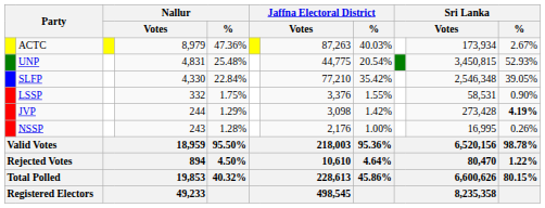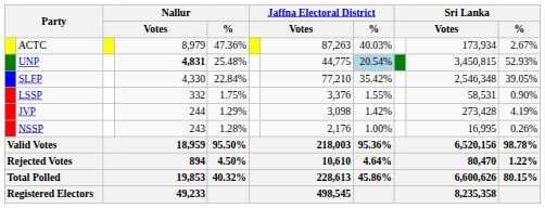 <table class="wikitable">
 <tr>
 <th colspan="2" width="144px"rowspan="2">Party</th>
 <th colspan="3" width="216px">Nallur</th>
 <th colspan="3" width="216px"><a href='#'>Jaffna Electoral District</a></th>
 <th colspan="3" width="216px">Sri Lanka</th>
 </tr>
 <tr>
 <th colspan="2" width="144px">Votes</th>
 <th>%</th>
 <th colspan="2" width="144px">Votes</th>
 <th>%</th>
 <th colspan="2" width="144px">Votes</th>
 <th>%</th>
 </tr>
 <tr>
 <td style="background-color:yellow;" width="10px"></td>
 <td style="text-align:left;">ACTC</td>
 <td style="background-color:yellow;" width="10px"></td>
 <td style="text-align:right;">8,979</td>
 <td style="text-align:right;">47.36%</td>
 <td style="background-color:yellow;" width="10px"></td>
 <td style="text-align:right;">87,263</td>
 <td style="text-align:right;">40.03%</td>
 <td style="background-color:white;" width="10px"></td>
 <td style="text-align:right;">173,934</td>
 <td style="text-align:right;">2.67%</td>
 </tr>
 <tr>
 <td style="background-color:green;" width="10px"></td>
 <td style="text-align:left;"><a href='#'>UNP</a></td>
 <td style="background-color:white;" width="10px"></td>
-<td style="text-align:right;">4,831</td>
+<td style="text-align:right;"><strong>4,831</strong></td>
 <td style="text-align:right;">25.48%</td>
 <td style="background-color:white;" width="10px"></td>
 <td style="text-align:right;">44,775</td>
-<td style="text-align:right;">20.54%</td>
+<td style="background: lightblue; text-align:right;">20.54%</td>
 <td style="background-color:green;" width="10px"></td>
 <td style="text-align:right;">3,450,815</td>
 <td style="text-align:right;">52.93%</td>
 </tr>
 <tr>
 <td style="background-color:blue;" width="10px"></td>
 <td style="text-align:left;"><a href='#'>SLFP</a></td>
 <td style="background-color:white;" width="10px"></td>
 <td style="text-align:right;">4,330</td>
 <td style="text-align:right;">22.84%</td>
 <td style="background-color:white;" width="10px"></td>
 <td style="text-align:right;">77,210</td>
 <td style="text-align:right;">35.42%</td>
 <td style="background-color:white;" width="10px"></td>
 <td style="text-align:right;">2,546,348</td>
 <td style="text-align:right;">39.05%</td>
 </tr>
 <tr>
 <td style="background-color:red;" width="10px"></td>
 <td style="text-align:left;"><a href='#'>LSSP</a></td>
 <td style="background-color:white;" width="10px"></td>
 <td style="text-align:right;">332</td>
 <td style="text-align:right;">1.75%</td>
 <td style="background-color:white;" width="10px"></td>
 <td style="text-align:right;">3,376</td>
 <td style="text-align:right;">1.55%</td>
 <td style="background-color:white;" width="10px"></td>
 <td style="text-align:right;">58,531</td>
 <td style="text-align:right;">0.90%</td>
 </tr>
 <tr>
 <td style="background-color:red;" width="10px"></td>
 <td style="text-align:left;"><a href='#'>JVP</a></td>
 <td style="background-color:white;" width="10px"></td>
 <td style="text-align:right;">244</td>
 <td style="text-align:right;">1.29%</td>
 <td style="background-color:white;" width="10px"></td>
 <td style="text-align:right;">3,098</td>
 <td style="text-align:right;">1.42%</td>
 <td style="background-color:white;" width="10px"></td>
 <td style="text-align:right;">273,428</td>
-<td style="text-align:right;"><strong>4.19%</strong></td>
+<td style="text-align:right;">4.19%</td>
 </tr>
 <tr>
 <td style="background-color:red;" width="10px"></td>
 <td style="text-align:left;"><a href='#'>NSSP</a></td>
 <td style="background-color:white;" width="10px"></td>
 <td style="text-align:right;">243</td>
 <td style="text-align:right;">1.28%</td>
 <td style="background-color:white;" width="10px"></td>
 <td style="text-align:right;">2,176</td>
 <td style="text-align:right;">1.00%</td>
 <td style="background-color:white;" width="10px"></td>
 <td style="text-align:right;">16,995</td>
 <td style="text-align:right;">0.26%</td>
 </tr>
 <tr>
 <th colspan="2" width="144px"style="text-align:left;">Valid Votes</th>
 <th style="text-align:right;"colspan="2" width="144px">18,959</th>
 <th style="text-align:right;">95.50%</th>
 <th style="text-align:right;"colspan="2" width="144px">218,003</th>
 <th style="text-align:right;">95.36%</th>
 <th style="text-align:right;"colspan="2" width="144px">6,520,156</th>
 <th style="text-align:right;">98.78%</th>
 </tr>
 <tr>
 <th colspan="2" width="144px"style="text-align:left;">Rejected Votes</th>
 <th style="text-align:right;"colspan="2" width="144px">894</th>
 <th style="text-align:right;">4.50%</th>
 <th style="text-align:right;"colspan="2" width="144px">10,610</th>
 <th style="text-align:right;">4.64%</th>
 <th style="text-align:right;"colspan="2" width="144px">80,470</th>
 <th style="text-align:right;">1.22%</th>
 </tr>
 <tr>
 <th colspan="2" width="144px"style="text-align:left;">Total Polled</th>
 <th style="text-align:right;"colspan="2" width="144px">19,853</th>
 <th style="text-align:right;">40.32%</th>
 <th style="text-align:right;"colspan="2" width="144px">228,613</th>
 <th style="text-align:right;">45.86%</th>
 <th style="text-align:right;"colspan="2" width="144px">6,600,626</th>
 <th style="text-align:right;">80.15%</th>
 </tr>
 <tr>
 <th colspan="2" width="144px"style="text-align:left;">Registered Electors</th>
 <th style="text-align:right;"colspan="2" width="144px">49,233</th>
 <th></th>
 <th style="text-align:right;"colspan="2" width="144px">498,545</th>
 <th></th>
 <th style="text-align:right;"colspan="2" width="144px">8,235,358</th>
 <th></th>
 </tr>
 </table>
